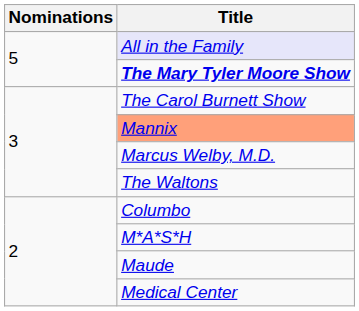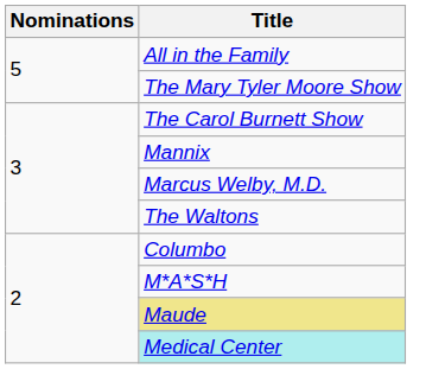 <table class="wikitable">
 <tr>
 <th>Nominations</th>
 <th>Title</th>
 </tr>
 <tr>
 <td rowspan="2">5</td>
-<td style="background: lavender;"><em><a href='#'>All in the Family</a></em></td>
+<td><em><a href='#'>All in the Family</a></em></td>
 </tr>
 <tr>
-<td><strong><em><a href='#'>The Mary Tyler Moore Show</a></em></strong></td>
+<td><em><a href='#'>The Mary Tyler Moore Show</a></em></td>
 </tr>
 <tr>
 <td rowspan="4">3</td>
 <td><em><a href='#'>The Carol Burnett Show</a></em></td>
 </tr>
 <tr>
-<td style="background: lightsalmon;"><em><a href='#'>Mannix</a></em></td>
+<td><em><a href='#'>Mannix</a></em></td>
 </tr>
 <tr>
 <td><em><a href='#'>Marcus Welby, M.D.</a></em></td>
 </tr>
 <tr>
 <td><em><a href='#'>The Waltons</a></em></td>
 </tr>
 <tr>
 <td rowspan="4">2</td>
 <td><em><a href='#'>Columbo</a></em></td>
 </tr>
 <tr>
 <td><em><a href='#'>M*A*S*H</a></em></td>
 </tr>
 <tr>
-<td><em><a href='#'>Maude</a></em></td>
+<td style="background: khaki;"><em><a href='#'>Maude</a></em></td>
 </tr>
 <tr>
-<td><em><a href='#'>Medical Center</a></em></td>
+<td style="background: paleturquoise;"><em><a href='#'>Medical Center</a></em></td>
 </tr>
 </table>
